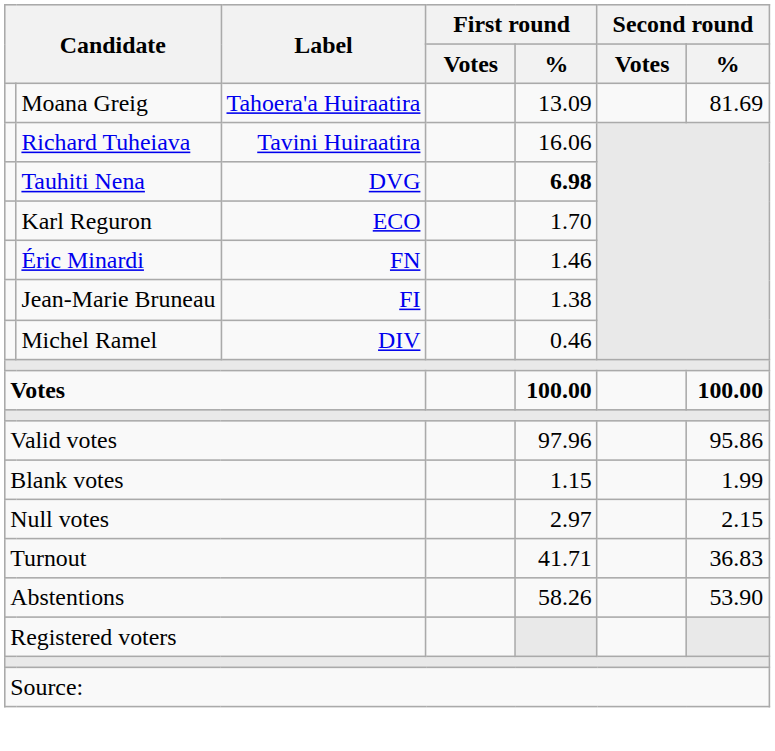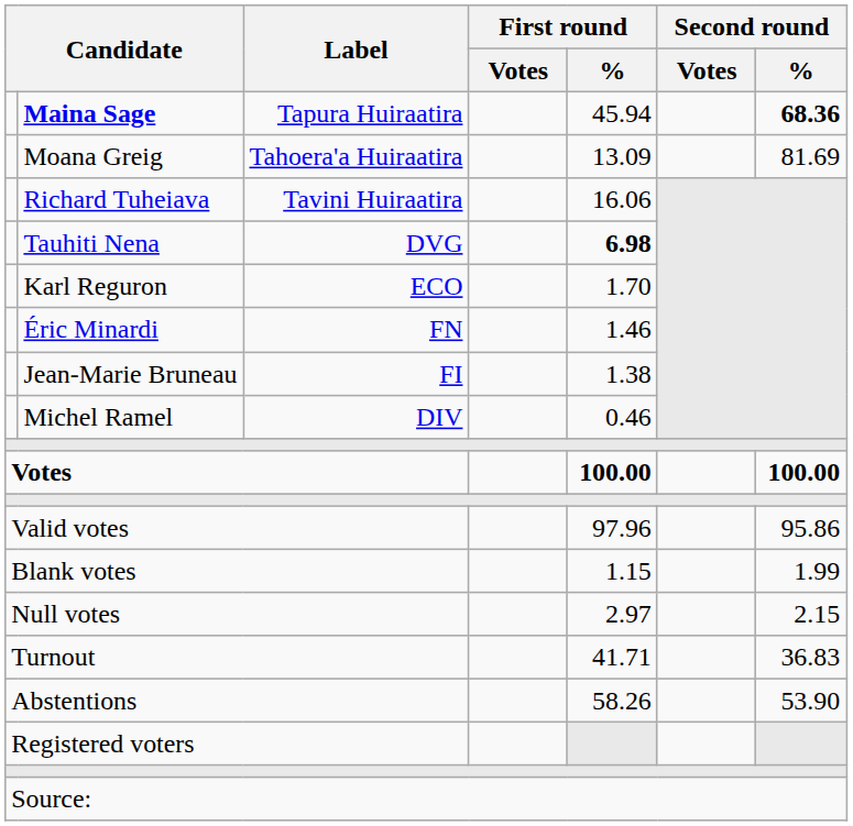 <table class="wikitable" style="text-align:right;font-size:95%;">
 <tr>
 <th rowspan="2" colspan="2">Candidate</th>
 <th rowspan="2">Label</th>
 <th colspan="2">First round</th>
 <th colspan="2">Second round</th>
 </tr>
 <tr>
 <th style="width:50px;">Votes</th>
 <th style="width:45px;">%</th>
 <th style="width:50px;">Votes</th>
 <th style="width:45px;">%</th>
+</tr>
+<tr>
+<td style="color:inherit;background:"></td>
+<td style="text-align:left;"><strong><a href='#'>Maina Sage</a></strong></td>
+<td><a href='#'>Tapura Huiraatira</a></td>
+<td></td>
+<td>45.94</td>
+<td><strong></strong></td>
+<td><strong>68.36</strong></td>
 </tr>
 <tr>
 <td style="color:inherit;background:"></td>
 <td style="text-align:left;">Moana Greig</td>
 <td><a href='#'>Tahoera'a Huiraatira</a></td>
 <td></td>
 <td>13.09</td>
 <td></td>
 <td>81.69</td>
 </tr>
 <tr>
 <td style="color:inherit;background:"></td>
 <td style="text-align:left;"><a href='#'>Richard Tuheiava</a></td>
 <td><a href='#'>Tavini Huiraatira</a></td>
 <td></td>
 <td>16.06</td>
 <td colspan="2" rowspan="6" style="background:#E9E9E9;"></td>
 </tr>
 <tr>
 <td style="color:inherit;background:"></td>
 <td style="text-align:left;"><a href='#'>Tauhiti Nena</a></td>
 <td><a href='#'>DVG</a></td>
 <td></td>
 <td><strong>6.98</strong></td>
 </tr>
 <tr>
 <td style="color:inherit;background:"></td>
 <td style="text-align:left;">Karl Reguron</td>
 <td><a href='#'>ECO</a></td>
 <td></td>
 <td>1.70</td>
 </tr>
 <tr>
 <td style="color:inherit;background:"></td>
 <td style="text-align:left;"><a href='#'>Éric Minardi</a></td>
 <td><a href='#'>FN</a></td>
 <td></td>
 <td>1.46</td>
 </tr>
 <tr>
 <td style="color:inherit;background:"></td>
 <td style="text-align:left;">Jean-Marie Bruneau</td>
 <td><a href='#'>FI</a></td>
 <td></td>
 <td>1.38</td>
 </tr>
 <tr>
 <td style="color:inherit;background:"></td>
 <td style="text-align:left;">Michel Ramel</td>
 <td><a href='#'>DIV</a></td>
 <td></td>
 <td>0.46</td>
 </tr>
 <tr>
 <td colspan="7" style="background:#E9E9E9;"></td>
 </tr>
 <tr style="font-weight:bold;">
 <td colspan="3" style="text-align:left;">Votes</td>
 <td></td>
 <td>100.00</td>
 <td></td>
 <td>100.00</td>
 </tr>
 <tr>
 <td colspan="7" style="background:#E9E9E9;"></td>
 </tr>
 <tr>
 <td colspan="3" style="text-align:left;">Valid votes</td>
 <td></td>
 <td>97.96</td>
 <td></td>
 <td>95.86</td>
 </tr>
 <tr>
 <td colspan="3" style="text-align:left;">Blank votes</td>
 <td></td>
 <td>1.15</td>
 <td></td>
 <td>1.99</td>
 </tr>
 <tr>
 <td colspan="3" style="text-align:left;">Null votes</td>
 <td></td>
 <td>2.97</td>
 <td></td>
 <td>2.15</td>
 </tr>
 <tr>
 <td colspan="3" style="text-align:left;">Turnout</td>
 <td></td>
 <td>41.71</td>
 <td></td>
 <td>36.83</td>
 </tr>
 <tr>
 <td colspan="3" style="text-align:left;">Abstentions</td>
 <td></td>
 <td>58.26</td>
 <td></td>
 <td>53.90</td>
 </tr>
 <tr>
 <td colspan="3" style="text-align:left;">Registered voters</td>
 <td></td>
 <td style="background:#E9E9E9;"></td>
 <td></td>
 <td style="background:#E9E9E9;"></td>
 </tr>
 <tr>
 <td colspan="7" style="background:#E9E9E9;"></td>
 </tr>
 <tr>
 <td colspan="7" style="text-align:left;">Source: </td>
 </tr>
 </table>
